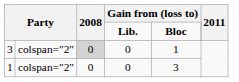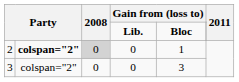 <table class="wikitable" style="text-align:center" align="center">
 <tr>
 <th rowspan="2" colspan="2">Party</th>
 <th rowspan="2">2008</th>
 <th colspan="4">Gain from (loss to)</th>
 <th rowspan="2">2011</th>
 </tr>
 <tr>
 <td><strong>Lib.</strong></td>
 <td><strong>Bloc</strong></td>
 </tr>
 <tr>
-<td>3</td>
-<td>colspan="2" </td>
+<td>2</td>
+<td><strong>colspan="2" </strong></td>
 <td style="background: lightgrey;">0</td>
 <td>0</td>
 <td>1</td>
 </tr>
 <tr>
-<td>1</td>
+<td>3</td>
 <td>colspan="2" </td>
 <td>0</td>
 <td>0</td>
 <td>3</td>
 </tr>
 </table>
